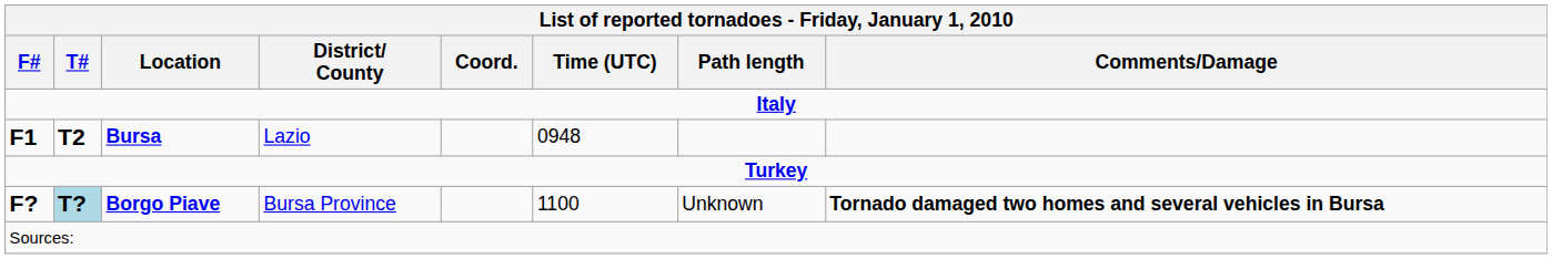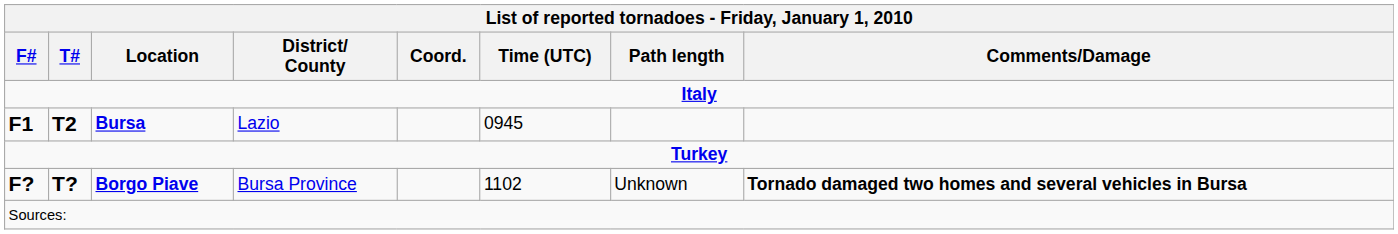 <table class="wikitable collapsible" width="100%">
 <tr>
 <th colspan="8">List of reported tornadoes - Friday, January 1, 2010</th>
 </tr>
 <tr>
 <th><a href='#'>F#</a></th>
 <th><a href='#'>T#</a></th>
 <th>Location</th>
 <th>District/<br>County</th>
 <th>Coord.</th>
 <th>Time (UTC)</th>
 <th>Path length</th>
 <th>Comments/Damage</th>
 </tr>
 <tr>
 <td colspan="8" align=center><strong><a href='#'>Italy</a></strong></td>
 </tr>
 <tr>
 <td><big><strong>F1</strong></big></td>
 <td><big><strong>T2</strong></big></td>
 <td><strong><a href='#'>Bursa</a></strong></td>
 <td><a href='#'>Lazio</a></td>
 <td></td>
-<td>0948</td>
+<td>0945</td>
 <td></td>
 <td></td>
 </tr>
 <tr>
 <td colspan="8" align=center><strong><a href='#'>Turkey</a></strong></td>
 </tr>
 <tr>
 <td><big><strong>F?</strong></big></td>
-<td style="background: lightblue;"><big><strong>T?</strong></big></td>
+<td><big><strong>T?</strong></big></td>
 <td><strong><a href='#'>Borgo Piave</a></strong></td>
 <td><a href='#'>Bursa Province</a></td>
 <td></td>
-<td>1100</td>
+<td>1102</td>
 <td>Unknown</td>
 <td><strong>Tornado damaged two homes and several vehicles in Bursa</strong></td>
 </tr>
 <tr>
 <td colspan="8"><small>Sources:  </small></td>
 </tr>
 </table>
